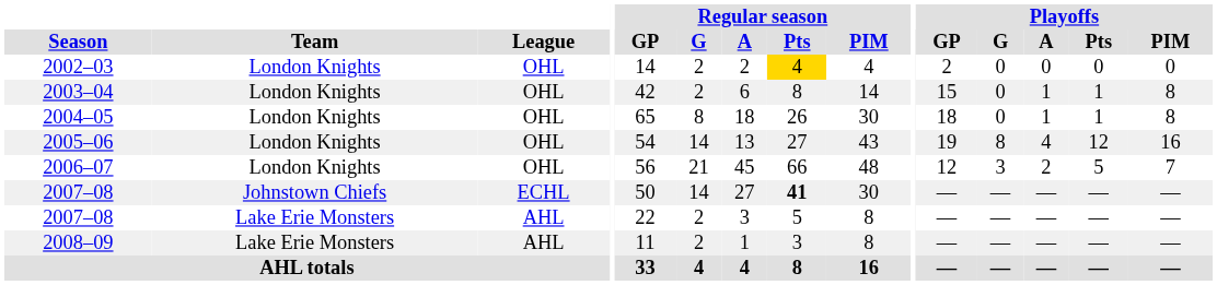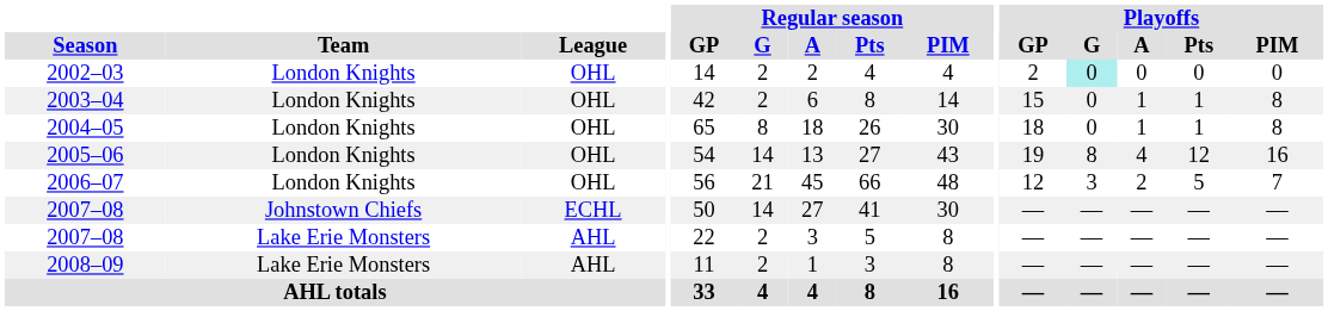 <table border="0" cellpadding="1" cellspacing="0" style="text-align:center; width:60em">
 <tr bgcolor="#e0e0e0">
 <th colspan="3" bgcolor="#ffffff"></th>
 <th rowspan="99" bgcolor="#ffffff"></th>
 <th colspan="5"><a href='#'>Regular season</a></th>
 <th rowspan="99" bgcolor="#ffffff"></th>
 <th colspan="5"><a href='#'>Playoffs</a></th>
 </tr>
 <tr bgcolor="#e0e0e0">
 <th><a href='#'>Season</a></th>
 <th>Team</th>
 <th>League</th>
 <th>GP</th>
 <th><a href='#'>G</a></th>
 <th><a href='#'>A</a></th>
 <th><a href='#'>Pts</a></th>
 <th><a href='#'>PIM</a></th>
 <th>GP</th>
 <th>G</th>
 <th>A</th>
 <th>Pts</th>
 <th>PIM</th>
 </tr>
 <tr ALIGN="center">
 <td><a href='#'>2002–03</a></td>
 <td><a href='#'>London Knights</a></td>
 <td><a href='#'>OHL</a></td>
 <td>14</td>
 <td>2</td>
 <td>2</td>
-<td style="background: gold;">4</td>
+<td>4</td>
 <td>4</td>
 <td>2</td>
-<td>0</td>
+<td style="background: paleturquoise;">0</td>
 <td>0</td>
 <td>0</td>
 <td>0</td>
 </tr>
 <tr ALIGN="center" bgcolor="#f0f0f0">
 <td><a href='#'>2003–04</a></td>
 <td>London Knights</td>
 <td>OHL</td>
 <td>42</td>
 <td>2</td>
 <td>6</td>
 <td>8</td>
 <td>14</td>
 <td>15</td>
 <td>0</td>
 <td>1</td>
 <td>1</td>
 <td>8</td>
 </tr>
 <tr ALIGN="center">
 <td><a href='#'>2004–05</a></td>
 <td>London Knights</td>
 <td>OHL</td>
 <td>65</td>
 <td>8</td>
 <td>18</td>
 <td>26</td>
 <td>30</td>
 <td>18</td>
 <td>0</td>
 <td>1</td>
 <td>1</td>
 <td>8</td>
 </tr>
 <tr ALIGN="center" bgcolor="#f0f0f0">
 <td><a href='#'>2005–06</a></td>
 <td>London Knights</td>
 <td>OHL</td>
 <td>54</td>
 <td>14</td>
 <td>13</td>
 <td>27</td>
 <td>43</td>
 <td>19</td>
 <td>8</td>
 <td>4</td>
 <td>12</td>
 <td>16</td>
 </tr>
 <tr ALIGN="center">
 <td><a href='#'>2006–07</a></td>
 <td>London Knights</td>
 <td>OHL</td>
 <td>56</td>
 <td>21</td>
 <td>45</td>
 <td>66</td>
 <td>48</td>
 <td>12</td>
 <td>3</td>
 <td>2</td>
 <td>5</td>
 <td>7</td>
 </tr>
 <tr ALIGN="center" bgcolor="#f0f0f0">
 <td><a href='#'>2007–08</a></td>
 <td><a href='#'>Johnstown Chiefs</a></td>
 <td><a href='#'>ECHL</a></td>
 <td>50</td>
 <td>14</td>
 <td>27</td>
-<td><strong>41</strong></td>
+<td>41</td>
 <td>30</td>
 <td>—</td>
 <td>—</td>
 <td>—</td>
 <td>—</td>
 <td>—</td>
 </tr>
 <tr ALIGN="center">
 <td><a href='#'>2007–08</a></td>
 <td><a href='#'>Lake Erie Monsters</a></td>
 <td><a href='#'>AHL</a></td>
 <td>22</td>
 <td>2</td>
 <td>3</td>
 <td>5</td>
 <td>8</td>
 <td>—</td>
 <td>—</td>
 <td>—</td>
 <td>—</td>
 <td>—</td>
 </tr>
 <tr ALIGN="center" bgcolor="#f0f0f0">
 <td><a href='#'>2008–09</a></td>
 <td>Lake Erie Monsters</td>
 <td>AHL</td>
 <td>11</td>
 <td>2</td>
 <td>1</td>
 <td>3</td>
 <td>8</td>
 <td>—</td>
 <td>—</td>
 <td>—</td>
 <td>—</td>
 <td>—</td>
 </tr>
 <tr bgcolor="#e0e0e0">
 <th colspan="3">AHL totals</th>
 <th>33</th>
 <th>4</th>
 <th>4</th>
 <th>8</th>
 <th>16</th>
 <th>—</th>
 <th>—</th>
 <th>—</th>
 <th>—</th>
 <th>—</th>
 </tr>
 </table>
